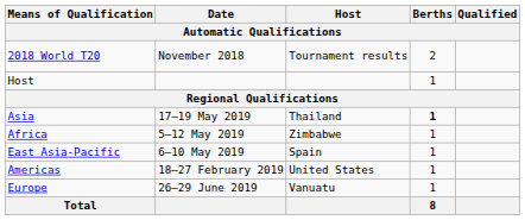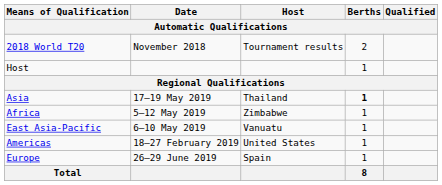 <table class="wikitable">
 <tr>
 <th>Means of Qualification</th>
 <th>Date</th>
 <th>Host</th>
 <th>Berths</th>
 <th>Qualified</th>
 </tr>
 <tr>
 <th colspan="5">Automatic Qualifications</th>
 </tr>
 <tr>
 <td><a href='#'>2018 World T20</a></td>
 <td>November 2018</td>
 <td>Tournament results</td>
 <td style="text-align:center;">2</td>
 <td><br><br> </td>
 </tr>
 <tr>
 <td>Host</td>
 <td></td>
 <td></td>
 <td style="text-align:center;">1</td>
 <td></td>
 </tr>
 <tr>
 <th colspan="5">Regional Qualifications</th>
 </tr>
 <tr>
 <td><a href='#'>Asia</a></td>
 <td>17–19 May 2019</td>
 <td> Thailand</td>
 <td style="text-align:center;"><strong>1</strong></td>
 <td></td>
 </tr>
 <tr>
 <td><a href='#'>Africa</a></td>
 <td>5–12 May 2019</td>
 <td> Zimbabwe</td>
 <td style="text-align:center;">1</td>
 <td><s></s><br></td>
 </tr>
 <tr>
 <td><a href='#'>East Asia-Pacific</a></td>
 <td>6–10 May 2019</td>
-<td> Spain</td>
+<td> Vanuatu</td>
 <td style="text-align:center;">1</td>
 <td></td>
 </tr>
 <tr>
 <td><a href='#'>Americas</a></td>
 <td>18–27 February 2019</td>
 <td> United States</td>
 <td style="text-align:center;">1</td>
 <td></td>
 </tr>
 <tr>
 <td><a href='#'>Europe</a></td>
 <td>26–29 June 2019</td>
-<td> Vanuatu</td>
+<td> Spain</td>
 <td style="text-align:center;">1</td>
 <td></td>
 </tr>
 <tr>
 <th>Total</th>
 <th></th>
 <th></th>
 <th>8</th>
 <th></th>
 </tr>
 </table>
